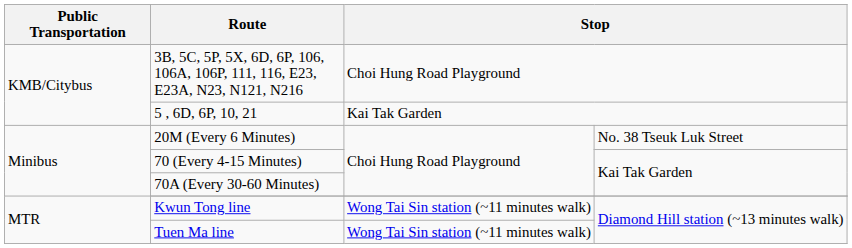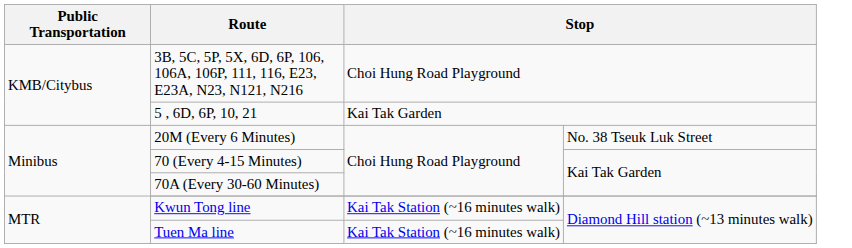 <table class='wikitable mw-collapsible mw-collapsed"'>
 <tr>
 <th scope="col" style="width: 150px;">Public Transportation</th>
 <th scope="col" style="width: 200px;">Route</th>
 <th scope="col2" style="width: 100px;", colspan=2>Stop</th>
 </tr>
 <tr>
 <td rowspan=2>KMB/Citybus</td>
 <td>3B, 5C, 5P, 5X, 6D, 6P, 106, 106A, 106P, 111, 116, E23, E23A, N23, N121, N216</td>
 <td colspan=2>Choi Hung Road Playground</td>
 </tr>
 <tr>
 <td>5 , 6D, 6P, 10, 21</td>
 <td colspan=2>Kai Tak Garden</td>
 </tr>
 <tr>
 <td rowspan=3>Minibus</td>
 <td rowspan=1>20M (Every 6 Minutes)</td>
 <td rowspan=3, colspan=1>Choi Hung Road Playground</td>
 <td colspan=2>No. 38 Tseuk Luk Street</td>
 </tr>
 <tr>
 <td>70 (Every 4-15 Minutes)</td>
 <td rowspan=2>Kai Tak Garden</td>
 </tr>
 <tr>
 <td rowspan=1>70A (Every 30-60 Minutes)</td>
 </tr>
 <tr>
 <td rowspan=3>MTR</td>
 </tr>
 <tr>
 <td><a href='#'>Kwun Tong line</a></td>
-<td><a href='#'>Wong Tai Sin station</a> (~11 minutes walk)</td>
+<td><a href='#'>Kai Tak Station</a> (~16 minutes walk)</td>
 <td rowspan=2><a href='#'>Diamond Hill station</a> (~13 minutes walk)</td>
 </tr>
 <tr>
 <td><a href='#'>Tuen Ma line</a></td>
-<td><a href='#'>Wong Tai Sin station</a> (~11 minutes walk)</td>
+<td><a href='#'>Kai Tak Station</a> (~16 minutes walk)</td>
 </tr>
 </table>
